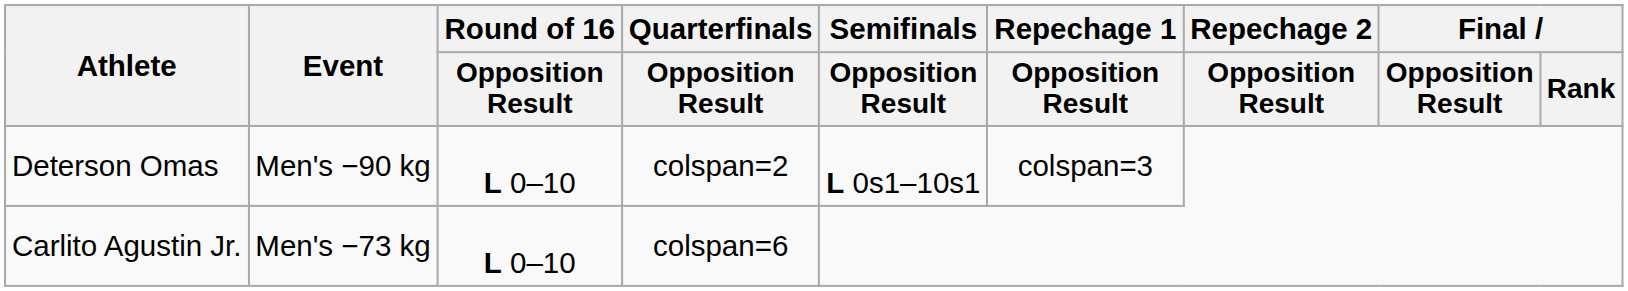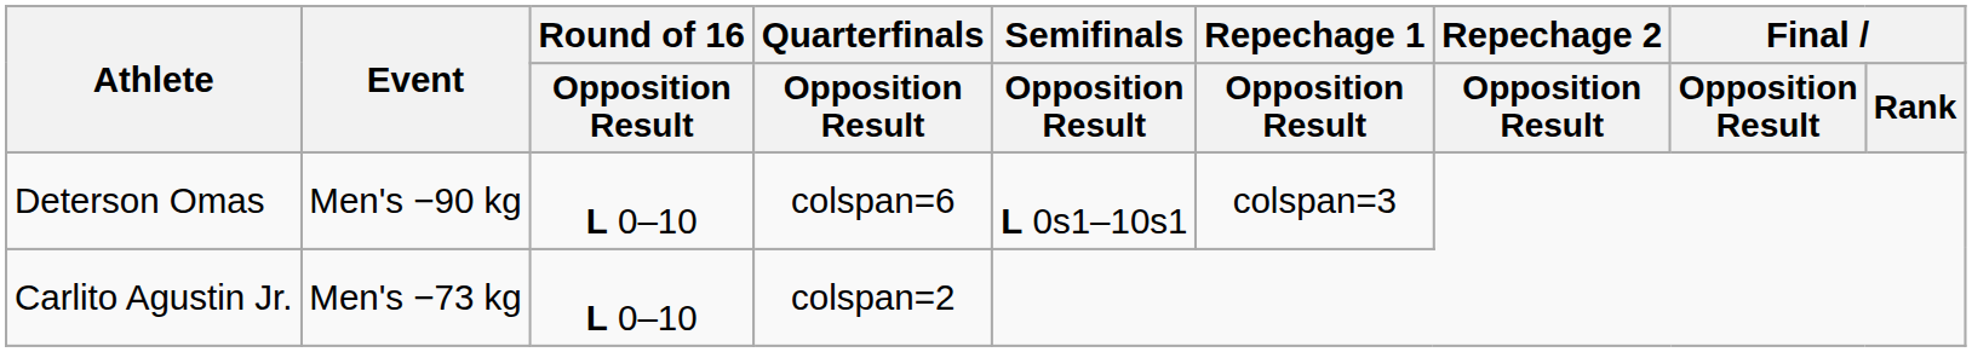 <table class="wikitable" style="font-size:90%">
 <tr>
 <th rowspan=2>Athlete</th>
 <th rowspan=2>Event</th>
 <th>Round of 16</th>
 <th>Quarterfinals</th>
 <th>Semifinals</th>
 <th>Repechage 1</th>
 <th>Repechage 2</th>
 <th colspan=2>Final / </th>
 </tr>
 <tr style="font-size:95%">
 <th>Opposition<br>Result</th>
 <th>Opposition<br>Result</th>
 <th>Opposition<br>Result</th>
 <th>Opposition<br>Result</th>
 <th>Opposition<br>Result</th>
 <th>Opposition<br>Result</th>
 <th>Rank</th>
 </tr>
 <tr align=center>
 <td align=left>Deterson Omas</td>
 <td align=left>Men's −90 kg</td>
 <td><br><strong>L</strong> 0–10</td>
-<td>colspan=2 </td>
+<td>colspan=6 </td>
 <td><br><strong>L</strong> 0s1–10s1</td>
 <td>colspan=3 </td>
 </tr>
 <tr align=center>
 <td align=left>Carlito Agustin Jr.</td>
 <td align=left>Men's −73 kg</td>
 <td><br><strong>L</strong> 0–10</td>
-<td>colspan=6 </td>
+<td>colspan=2 </td>
 </tr>
 </table>
